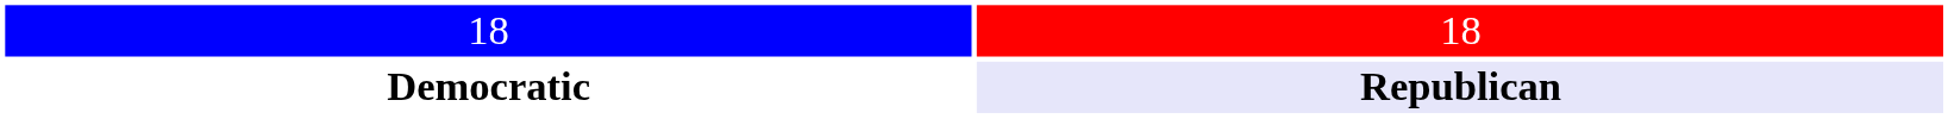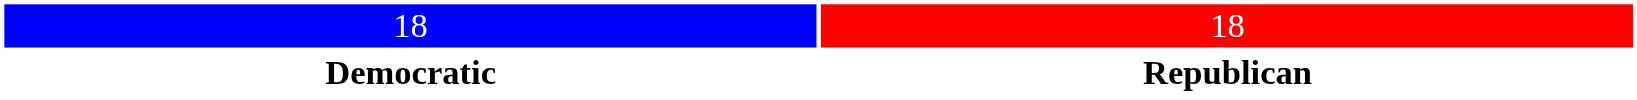 <table style="width:60%; text-align:center;">
 <tr style="color:white;">
 <td style="background:blue; width:50%;">18</td>
 <td style="background:red; width:50%;">18</td>
 </tr>
 <tr>
 <td><span><strong>Democratic</strong></span></td>
-<td style="background: lavender;"><span><strong>Republican</strong></span></td>
+<td><span><strong>Republican</strong></span></td>
 </tr>
 </table>
